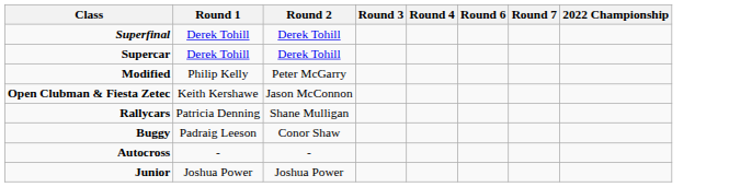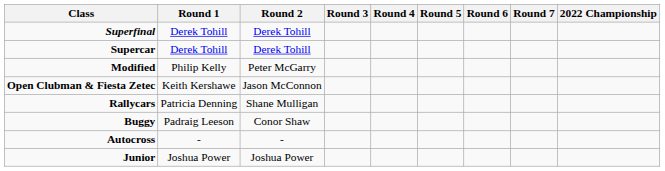 <table class="wikitable" style="text–align:centre">
 <tr>
 <th>Class</th>
 <th>Round 1</th>
 <th>Round 2</th>
 <th>Round 3</th>
 <th>Round 4</th>
+<th>Round 5</th>
 <th>Round 6</th>
 <th>Round 7</th>
 <th>2022 Championship</th>
 </tr>
 <tr>
 <td align="right"><strong><em>Superfinal</em></strong></td>
 <td align="center"><a href='#'>Derek Tohill</a></td>
 <td align="center"><a href='#'>Derek Tohill</a></td>
+<td align="center"></td>
 <td align="center"></td>
 <td align="center"></td>
 <td align="center"></td>
 <td align="center"></td>
 <td align="center"></td>
 </tr>
 <tr>
 <td align="right"><strong>Supercar</strong></td>
 <td align="center"><a href='#'>Derek Tohill</a></td>
 <td align="center"><a href='#'>Derek Tohill</a></td>
 <td align="center"></td>
 <td align="center"></td>
 <td align="center"></td>
 <td align="center"></td>
 <td align="center"></td>
+<td align="center"></td>
 </tr>
 <tr>
 <td align="right"><strong>Modified</strong></td>
 <td align="center">Philip Kelly</td>
 <td align="center">Peter McGarry</td>
+<td align="center"></td>
 <td align="center"></td>
 <td align="center"></td>
 <td align="center"></td>
 <td align="center"></td>
 <td align="center"></td>
 </tr>
 <tr>
 <td align="right"><strong>Open Clubman & Fiesta Zetec</strong></td>
 <td align="center">Keith Kershawe</td>
 <td align="center">Jason McConnon</td>
 <td align="center"></td>
 <td align="center"></td>
 <td align="center"></td>
 <td align="center"></td>
 <td align="center"></td>
+<td align="center"></td>
 </tr>
 <tr>
 <td align="right"><strong>Rallycars</strong></td>
 <td align="center">Patricia Denning</td>
 <td align="center">Shane Mulligan</td>
+<td align="center"></td>
 <td align="center"></td>
 <td align="center"></td>
 <td align="center"></td>
 <td align="center"></td>
 <td align="center"></td>
 </tr>
 <tr>
 <td align="right"><strong>Buggy</strong></td>
 <td align="center">Padraig Leeson</td>
 <td align="center">Conor Shaw</td>
 <td align="center"></td>
 <td align="center"></td>
 <td align="center"></td>
 <td align="center"></td>
 <td align="center"></td>
+<td align="center"></td>
 </tr>
 <tr>
 <td align="right"><strong>Autocross</strong></td>
 <td align="center">-</td>
 <td align="center">-</td>
+<td align="center"></td>
 <td align="center"></td>
 <td align="center"></td>
 <td align="center"></td>
 <td align="center"></td>
 <td align="center"></td>
 </tr>
 <tr>
 <td align="right"><strong>Junior</strong></td>
 <td align="center">Joshua Power</td>
 <td align="center">Joshua Power</td>
 <td align="center"></td>
 <td align="center"></td>
 <td align="center"></td>
 <td align="center"></td>
 <td align="center"></td>
+<td align="center"></td>
 </tr>
 </table>
